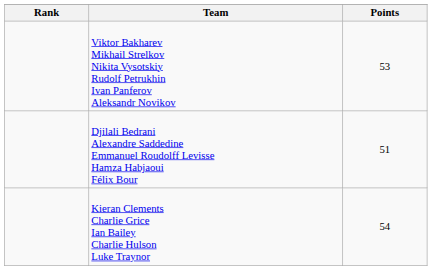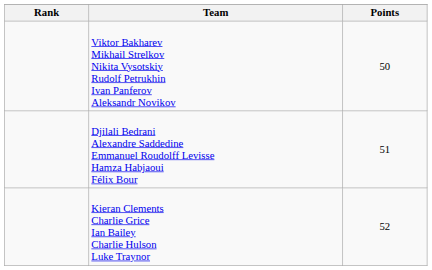 <table class="wikitable" style="width:50%;">
 <tr>
 </tr>
 <tr>
 <th width=10%>Rank</th>
 <th width=30%>Team</th>
 <th width=10%>Points</th>
 </tr>
 <tr style="text-align:center;">
 <td></td>
 <td style="text-align:left;"><br><a href='#'>Viktor Bakharev</a><br><a href='#'>Mikhail Strelkov</a><br><a href='#'>Nikita Vysotskiy</a><br><a href='#'>Rudolf Petrukhin</a><br><a href='#'>Ivan Panferov</a><br><a href='#'>Aleksandr Novikov</a></td>
-<td>53</td>
+<td>50</td>
 </tr>
 <tr style="text-align:center;">
 <td></td>
 <td style="text-align:left;"><br><a href='#'>Djilali Bedrani</a><br><a href='#'>Alexandre Saddedine</a><br><a href='#'>Emmanuel Roudolff Levisse</a><br><a href='#'>Hamza Habjaoui</a><br><a href='#'>Félix Bour</a></td>
 <td>51</td>
 </tr>
 <tr style="text-align:center;">
 <td></td>
 <td style="text-align:left;"><br><a href='#'>Kieran Clements</a><br><a href='#'>Charlie Grice</a><br><a href='#'>Ian Bailey</a><br><a href='#'>Charlie Hulson</a><br><a href='#'>Luke Traynor</a></td>
-<td>54</td>
+<td>52</td>
 </tr>
 </table>
